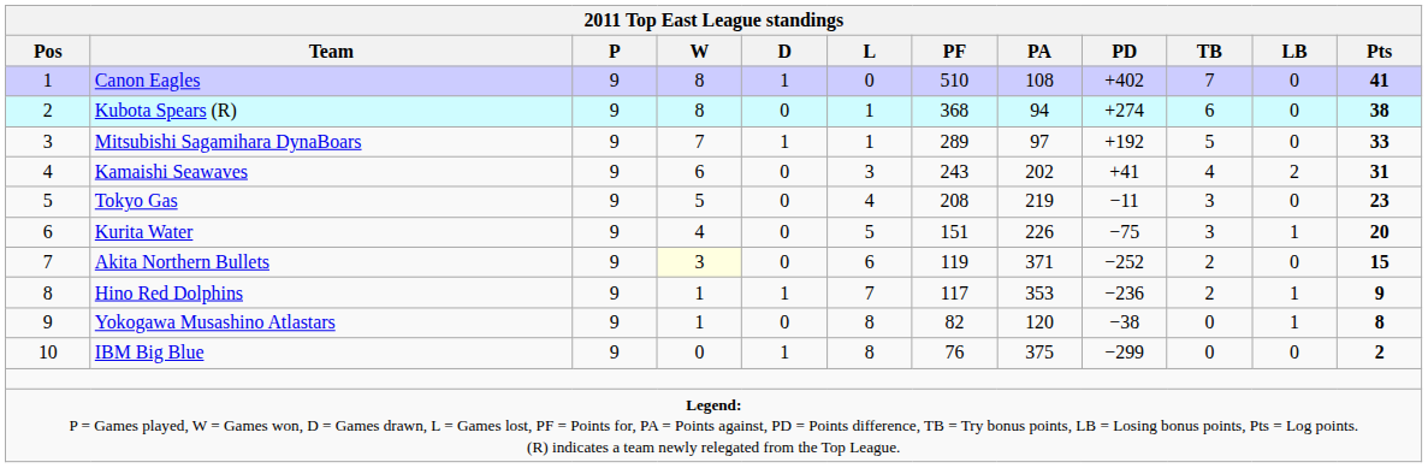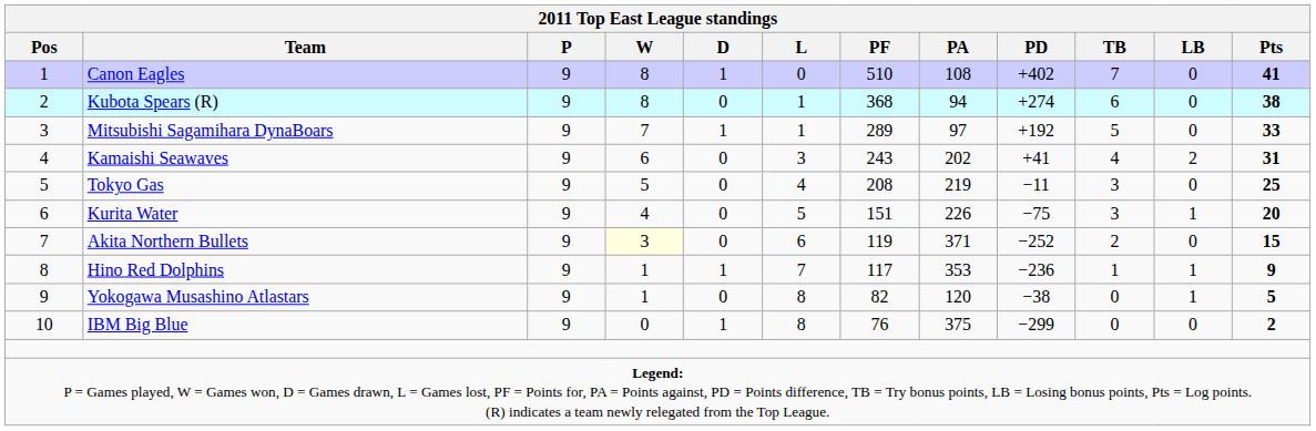 <table class="wikitable" style="text-align:center; font-size:100%; width:60%;">
 <tr>
 <th colspan="100%" cellpadding="0" cellspacing="0"><strong>2011 Top East League standings</strong></th>
 </tr>
 <tr>
 <th style="width:6%;">Pos</th>
 <th style="width:34%;">Team</th>
 <th style="width:6%;">P</th>
 <th style="width:6%;">W</th>
 <th style="width:6%;">D</th>
 <th style="width:6%;">L</th>
 <th style="width:6%;">PF</th>
 <th style="width:6%;">PA</th>
 <th style="width:6%;">PD</th>
 <th style="width:6%;">TB</th>
 <th style="width:6%;">LB</th>
 <th style="width:6%;">Pts<br></th>
 </tr>
 <tr style="background:#CCCCFF;">
 <td>1</td>
 <td style="text-align:left;"><a href='#'>Canon Eagles</a></td>
 <td>9</td>
 <td>8</td>
 <td>1</td>
 <td>0</td>
 <td>510</td>
 <td>108</td>
 <td>+402</td>
 <td>7</td>
 <td>0</td>
 <td><strong>41</strong></td>
 </tr>
 <tr style="background:#CFFCFF;">
 <td>2</td>
 <td style="text-align:left;"><a href='#'>Kubota Spears</a> (R)</td>
 <td>9</td>
 <td>8</td>
 <td>0</td>
 <td>1</td>
 <td>368</td>
 <td>94</td>
 <td>+274</td>
 <td>6</td>
 <td>0</td>
 <td><strong>38</strong></td>
 </tr>
 <tr>
 <td>3</td>
 <td style="text-align:left;"><a href='#'>Mitsubishi Sagamihara DynaBoars</a></td>
 <td>9</td>
 <td>7</td>
 <td>1</td>
 <td>1</td>
 <td>289</td>
 <td>97</td>
 <td>+192</td>
 <td>5</td>
 <td>0</td>
 <td><strong>33</strong></td>
 </tr>
 <tr>
 <td>4</td>
 <td style="text-align:left;"><a href='#'>Kamaishi Seawaves</a></td>
 <td>9</td>
 <td>6</td>
 <td>0</td>
 <td>3</td>
 <td>243</td>
 <td>202</td>
 <td>+41</td>
 <td>4</td>
 <td>2</td>
 <td><strong>31</strong></td>
 </tr>
 <tr>
 <td>5</td>
 <td style="text-align:left;"><a href='#'>Tokyo Gas</a></td>
 <td>9</td>
 <td>5</td>
 <td>0</td>
 <td>4</td>
 <td>208</td>
 <td>219</td>
 <td>−11</td>
 <td>3</td>
 <td>0</td>
-<td><strong>23</strong></td>
+<td><strong>25</strong></td>
 </tr>
 <tr>
 <td>6</td>
 <td style="text-align:left;"><a href='#'>Kurita Water</a></td>
 <td>9</td>
 <td>4</td>
 <td>0</td>
 <td>5</td>
 <td>151</td>
 <td>226</td>
 <td>−75</td>
 <td>3</td>
 <td>1</td>
 <td><strong>20</strong></td>
 </tr>
 <tr>
 <td>7</td>
 <td style="text-align:left;"><a href='#'>Akita Northern Bullets</a></td>
 <td>9</td>
 <td style="background: lightyellow;">3</td>
 <td>0</td>
 <td>6</td>
 <td>119</td>
 <td>371</td>
 <td>−252</td>
 <td>2</td>
 <td>0</td>
 <td><strong>15 </strong></td>
 </tr>
 <tr>
 <td>8</td>
 <td style="text-align:left;"><a href='#'>Hino Red Dolphins</a></td>
 <td>9</td>
 <td>1</td>
 <td>1</td>
 <td>7</td>
 <td>117</td>
 <td>353</td>
 <td>−236</td>
-<td>2</td>
+<td>1</td>
 <td>1</td>
 <td><strong>9</strong></td>
 </tr>
 <tr>
 <td>9</td>
 <td style="text-align:left;"><a href='#'>Yokogawa Musashino Atlastars</a></td>
 <td>9</td>
 <td>1</td>
 <td>0</td>
 <td>8</td>
 <td>82</td>
 <td>120</td>
 <td>−38</td>
 <td>0</td>
 <td>1</td>
-<td><strong>8</strong></td>
+<td><strong>5</strong></td>
 </tr>
 <tr>
 <td>10</td>
 <td style="text-align:left;"><a href='#'>IBM Big Blue</a></td>
 <td>9</td>
 <td>0</td>
 <td>1</td>
 <td>8</td>
 <td>76</td>
 <td>375</td>
 <td>−299</td>
 <td>0</td>
 <td>0</td>
 <td><strong>2</strong></td>
 </tr>
 <tr>
 <td colspan="100%" style="height:10px;"></td>
 </tr>
 <tr>
 <td colspan="100%"><small><strong>Legend:</strong> <br> P = Games played, W = Games won, D = Games drawn, L = Games lost, PF = Points for, PA = Points against, PD = Points difference, TB = Try bonus points, LB = Losing bonus points, Pts = Log points. <br> (R) indicates a team newly relegated from the Top League.</small></td>
 </tr>
 </table>
